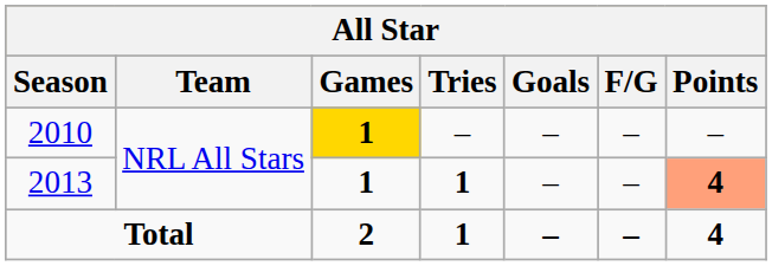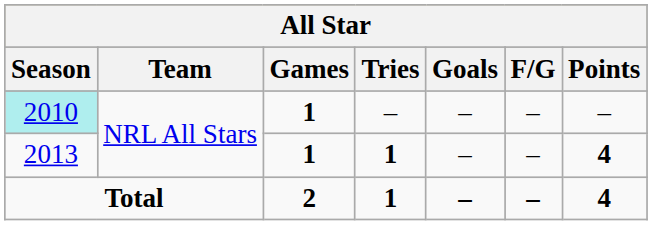 <table class="wikitable" style="text-align:center;">
 <tr style="background:#bdb76b;">
 <th colspan="7">All Star</th>
 </tr>
 <tr>
 <th>Season</th>
 <th>Team</th>
 <th>Games</th>
 <th>Tries</th>
 <th>Goals</th>
 <th>F/G</th>
 <th>Points</th>
 </tr>
 <tr>
-<td><a href='#'>2010</a></td>
+<td style="background: paleturquoise;"><a href='#'>2010</a></td>
 <td rowspan="2"><a href='#'>NRL All Stars</a></td>
-<td style="background: gold;"><strong>1</strong></td>
+<td><strong>1</strong></td>
 <td>–</td>
 <td>–</td>
 <td>–</td>
 <td>–</td>
 </tr>
 <tr>
 <td><a href='#'>2013</a></td>
 <td><strong>1</strong></td>
 <td><strong>1</strong></td>
 <td>–</td>
 <td>–</td>
-<td style="background: lightsalmon;"><strong>4</strong></td>
+<td><strong>4</strong></td>
 </tr>
 <tr>
 <td colspan="2"><strong>Total</strong></td>
 <td><strong>2</strong></td>
 <td><strong>1</strong></td>
 <td><strong>–</strong></td>
 <td><strong>–</strong></td>
 <td><strong>4</strong></td>
 </tr>
 </table>
